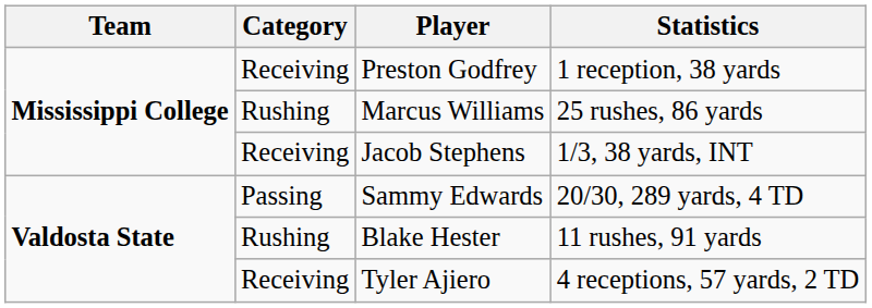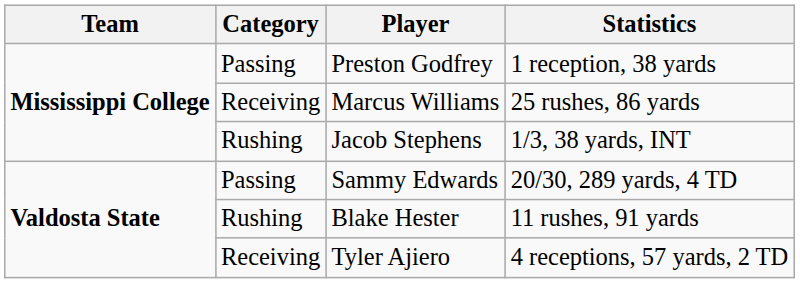 <table class="wikitable" style="float: left;">
 <tr>
 <th>Team</th>
 <th>Category</th>
 <th>Player</th>
 <th>Statistics</th>
 </tr>
 <tr>
 <td rowspan=3><strong>Mississippi College</strong></td>
-<td>Receiving</td>
+<td>Passing</td>
 <td>Preston Godfrey</td>
 <td>1 reception, 38 yards</td>
 </tr>
 <tr>
-<td>Rushing</td>
+<td>Receiving</td>
 <td>Marcus Williams</td>
 <td>25 rushes, 86 yards</td>
 </tr>
 <tr>
-<td>Receiving</td>
+<td>Rushing</td>
 <td>Jacob Stephens</td>
 <td>1/3, 38 yards, INT</td>
 </tr>
 <tr>
 <td rowspan=3><strong>Valdosta State</strong></td>
 <td>Passing</td>
 <td>Sammy Edwards</td>
 <td>20/30, 289 yards, 4 TD</td>
 </tr>
 <tr>
 <td>Rushing</td>
 <td>Blake Hester</td>
 <td>11 rushes, 91 yards</td>
 </tr>
 <tr>
 <td>Receiving</td>
 <td>Tyler Ajiero</td>
 <td>4 receptions, 57 yards, 2 TD</td>
 </tr>
 </table>
